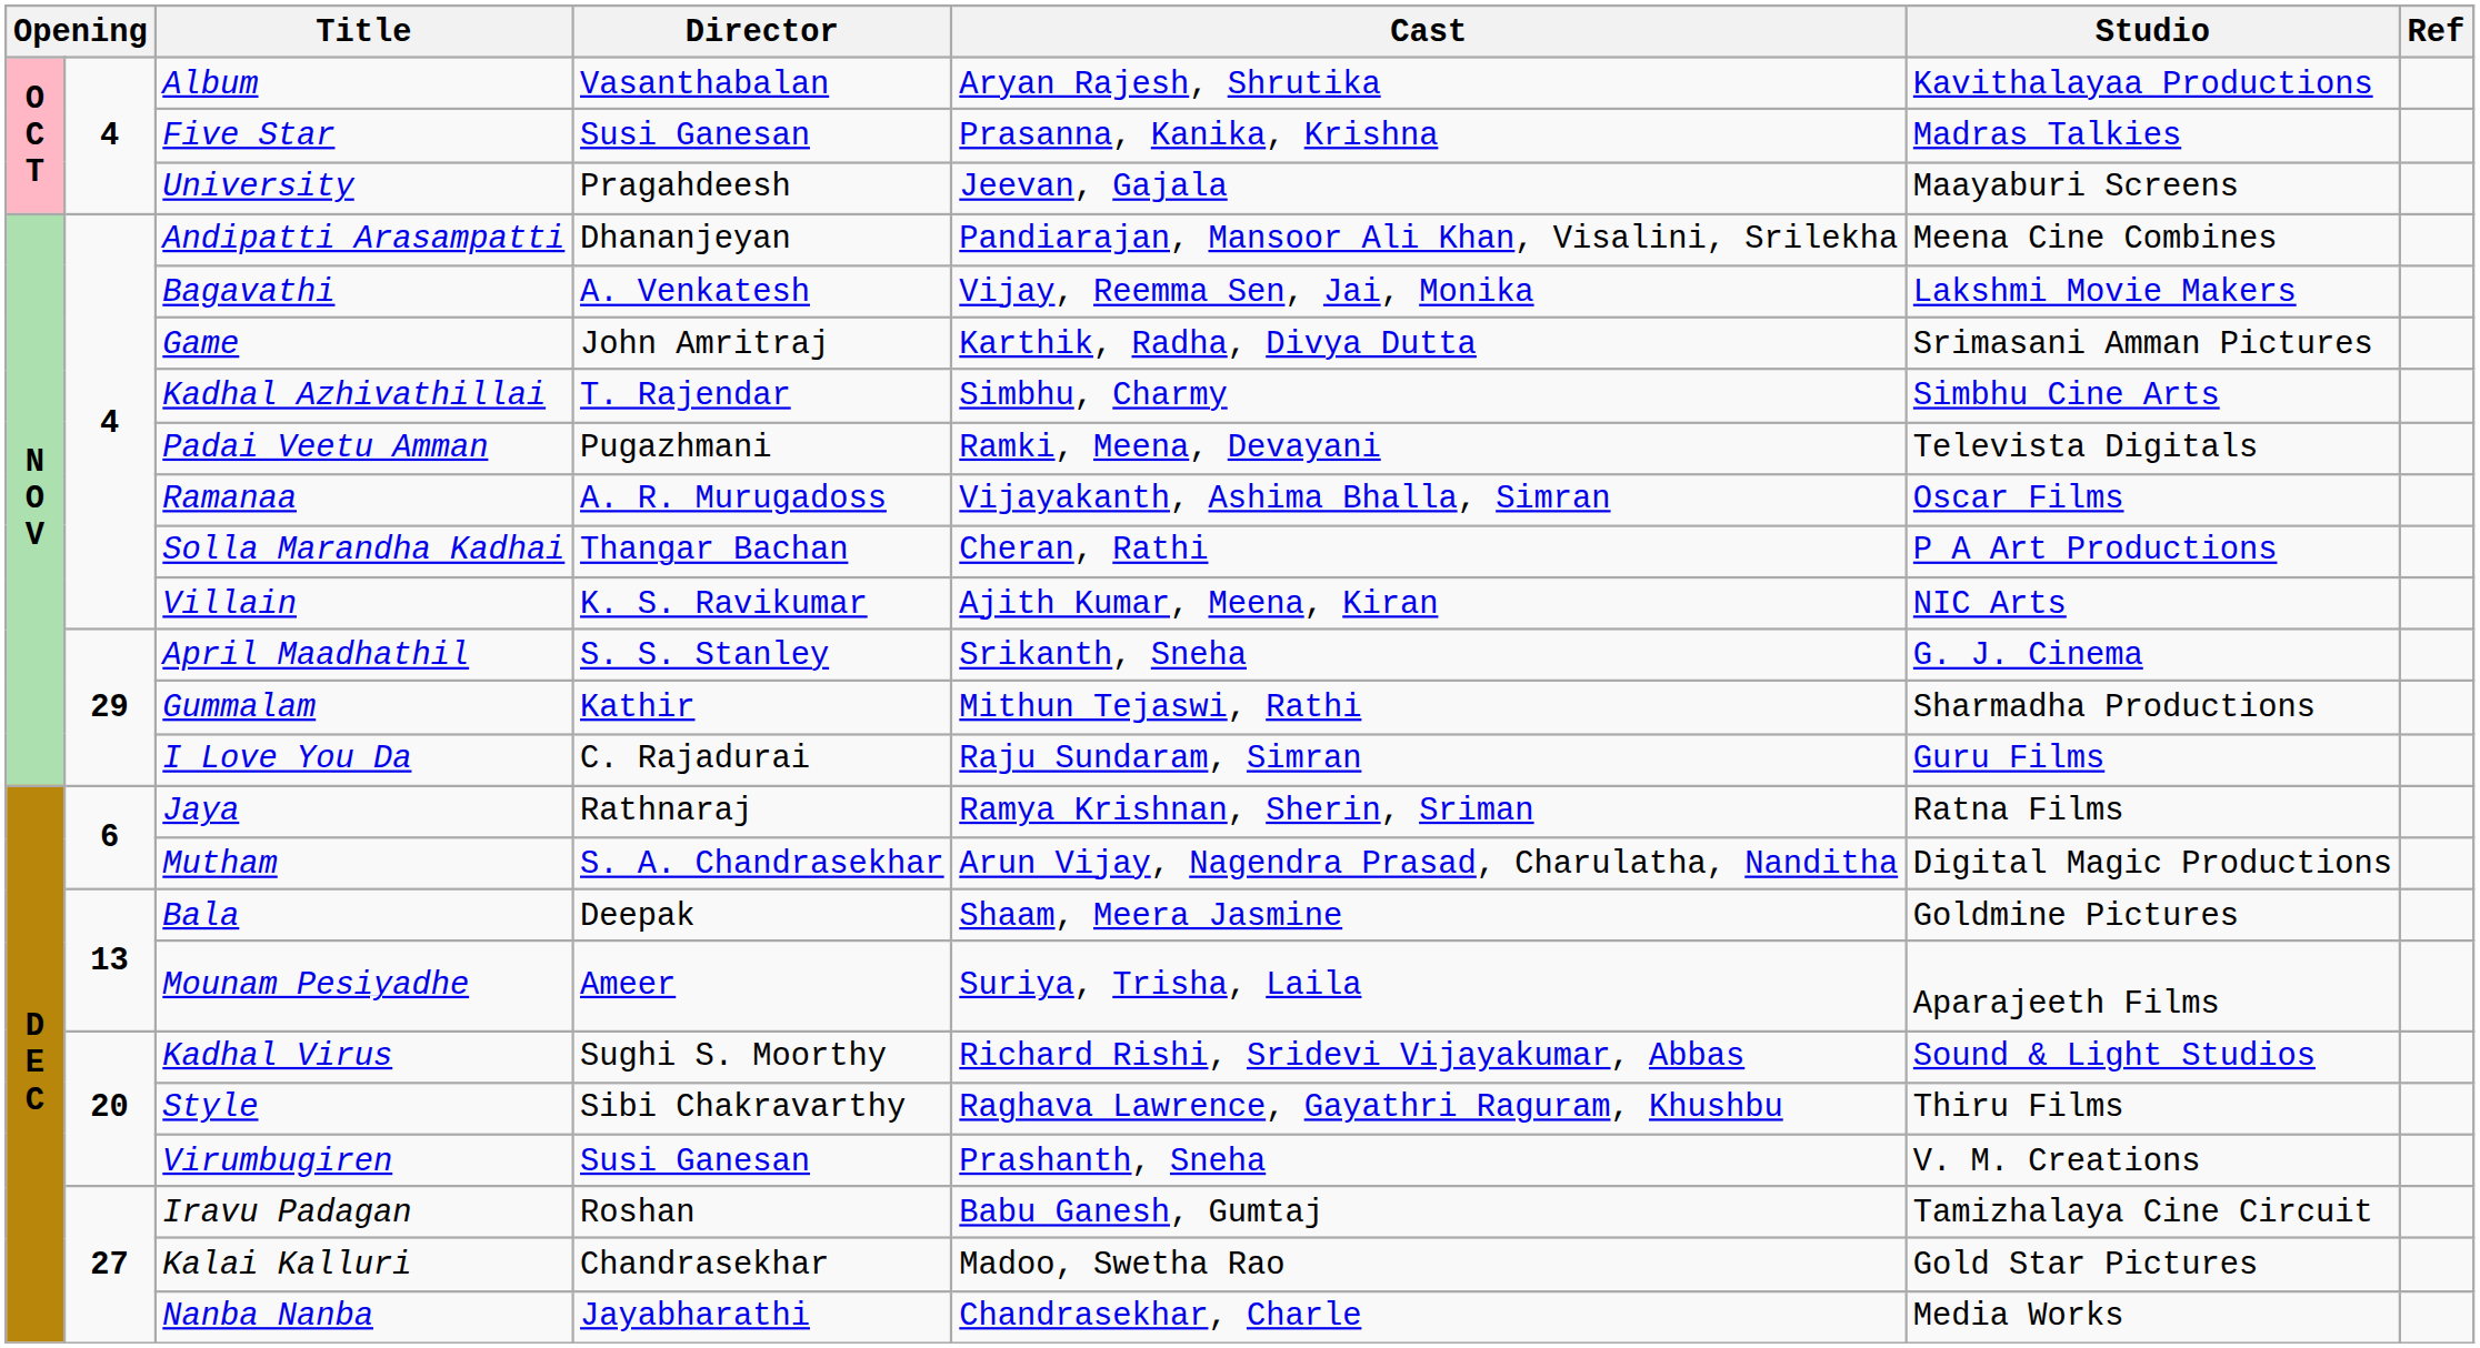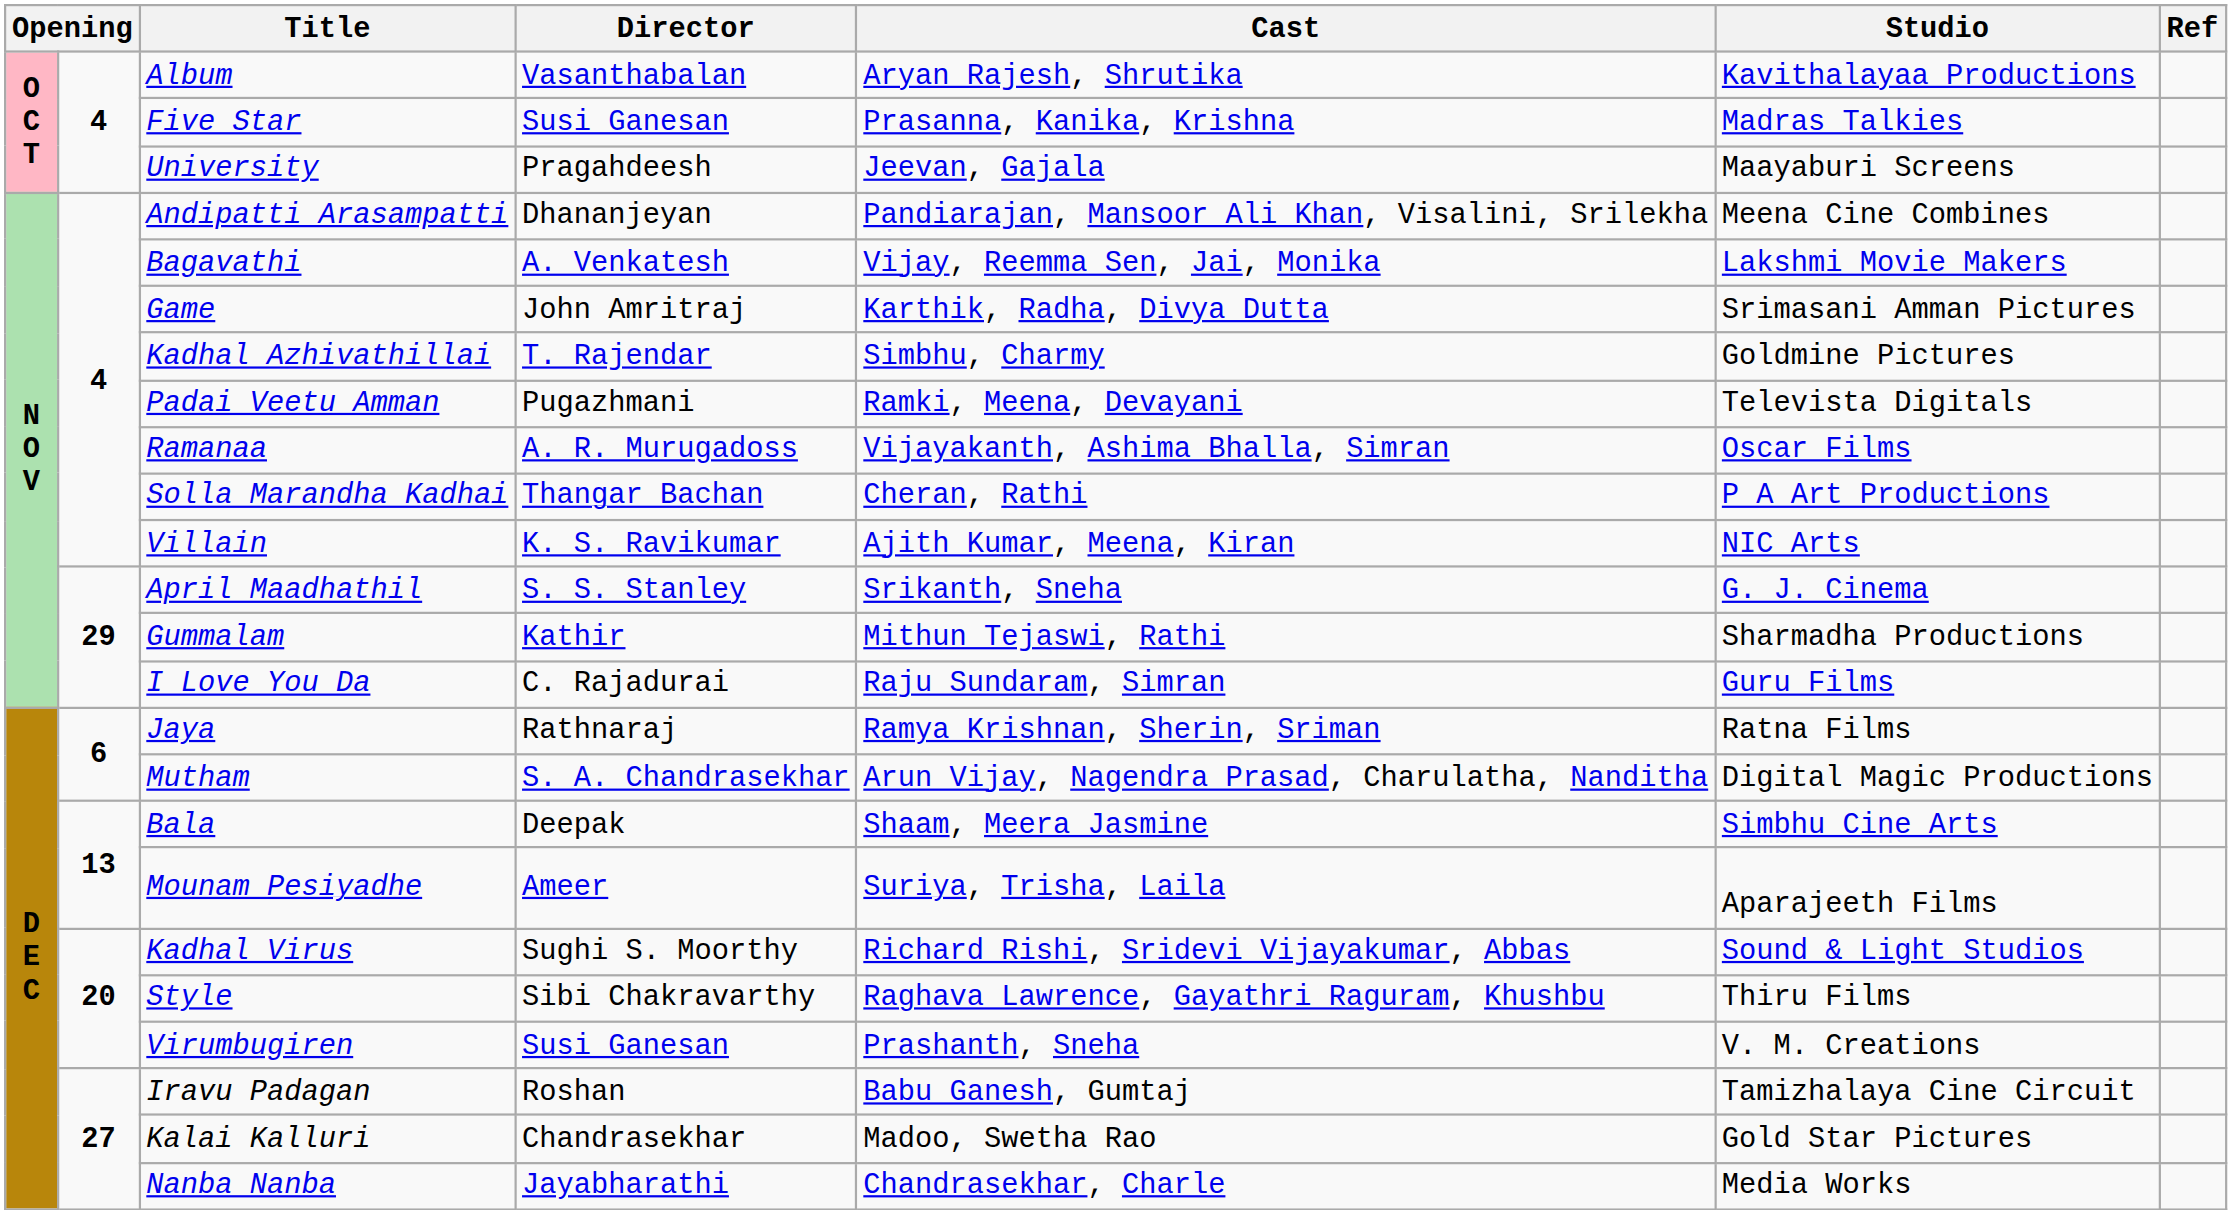 <table class="wikitable">
 <tr>
 <th colspan="2">Opening</th>
 <th>Title</th>
 <th>Director</th>
 <th>Cast</th>
 <th>Studio</th>
 <th>Ref</th>
 </tr>
 <tr October!>
 <td rowspan="3"   style="text-align:center; background:#ffb7c5; textcolor:#000;"><strong>O<br>C<br>T</strong></td>
 <td rowspan="3" style="text-align:center;"><strong>4</strong></td>
 <td><em><a href='#'>Album</a></em></td>
 <td><a href='#'>Vasanthabalan</a></td>
 <td><a href='#'>Aryan Rajesh</a>, <a href='#'>Shrutika</a></td>
 <td><a href='#'>Kavithalayaa Productions</a></td>
 <td></td>
 </tr>
 <tr>
 <td><em><a href='#'>Five Star</a></em></td>
 <td><a href='#'>Susi Ganesan</a></td>
 <td><a href='#'>Prasanna</a>, <a href='#'>Kanika</a>, <a href='#'>Krishna</a></td>
 <td><a href='#'>Madras Talkies</a></td>
 <td></td>
 </tr>
 <tr>
 <td><em><a href='#'>University</a></em></td>
 <td>Pragahdeesh</td>
 <td><a href='#'>Jeevan</a>, <a href='#'>Gajala</a></td>
 <td>Maayaburi Screens</td>
 <td></td>
 </tr>
 <tr November!>
 <td rowspan="11"   style="text-align:center; background:#ace1af; textcolor:#000;"><strong>N<br>O<br>V</strong></td>
 <td rowspan="8" style="text-align:center;"><strong>4</strong></td>
 <td><em><a href='#'>Andipatti Arasampatti</a></em></td>
 <td>Dhananjeyan</td>
 <td><a href='#'>Pandiarajan</a>, <a href='#'>Mansoor Ali Khan</a>, Visalini, Srilekha</td>
 <td>Meena Cine Combines</td>
 <td></td>
 </tr>
 <tr>
 <td><em><a href='#'>Bagavathi</a></em></td>
 <td><a href='#'>A. Venkatesh</a></td>
 <td><a href='#'>Vijay</a>, <a href='#'>Reemma Sen</a>, <a href='#'>Jai</a>, <a href='#'>Monika</a></td>
 <td><a href='#'>Lakshmi Movie Makers</a></td>
 <td></td>
 </tr>
 <tr>
 <td><em><a href='#'>Game</a></em></td>
 <td>John Amritraj</td>
 <td><a href='#'>Karthik</a>, <a href='#'>Radha</a>, <a href='#'>Divya Dutta</a></td>
 <td>Srimasani Amman Pictures</td>
 <td></td>
 </tr>
 <tr>
 <td><em><a href='#'>Kadhal Azhivathillai</a></em></td>
 <td><a href='#'>T. Rajendar</a></td>
 <td><a href='#'>Simbhu</a>, <a href='#'>Charmy</a></td>
-<td><a href='#'>Simbhu Cine Arts</a></td>
+<td>Goldmine Pictures</td>
 <td></td>
 </tr>
 <tr>
 <td><em><a href='#'>Padai Veetu Amman</a></em></td>
 <td>Pugazhmani</td>
 <td><a href='#'>Ramki</a>, <a href='#'>Meena</a>, <a href='#'>Devayani</a></td>
 <td>Televista Digitals</td>
 <td></td>
 </tr>
 <tr>
 <td><em><a href='#'>Ramanaa</a></em></td>
 <td><a href='#'>A. R. Murugadoss</a></td>
 <td><a href='#'>Vijayakanth</a>, <a href='#'>Ashima Bhalla</a>, <a href='#'>Simran</a></td>
 <td><a href='#'>Oscar Films</a></td>
 <td></td>
 </tr>
 <tr>
 <td><em><a href='#'>Solla Marandha Kadhai</a></em></td>
 <td><a href='#'>Thangar Bachan</a></td>
 <td><a href='#'>Cheran</a>, <a href='#'>Rathi</a></td>
 <td><a href='#'>P A Art Productions</a></td>
 <td></td>
 </tr>
 <tr>
 <td><em><a href='#'>Villain</a></em></td>
 <td><a href='#'>K. S. Ravikumar</a></td>
 <td><a href='#'>Ajith Kumar</a>, <a href='#'>Meena</a>, <a href='#'>Kiran</a></td>
 <td><a href='#'>NIC Arts</a></td>
 <td></td>
 </tr>
 <tr>
 <td rowspan="3" style="text-align:center;"><strong>29</strong></td>
 <td><em><a href='#'>April Maadhathil</a></em></td>
 <td><a href='#'>S. S. Stanley</a></td>
 <td><a href='#'>Srikanth</a>, <a href='#'>Sneha</a></td>
 <td><a href='#'>G. J. Cinema</a></td>
 <td></td>
 </tr>
 <tr>
 <td><em><a href='#'>Gummalam</a></em></td>
 <td><a href='#'>Kathir</a></td>
 <td><a href='#'>Mithun Tejaswi</a>, <a href='#'>Rathi</a></td>
 <td>Sharmadha Productions</td>
 <td></td>
 </tr>
 <tr>
 <td><em><a href='#'>I Love You Da</a></em></td>
 <td>C. Rajadurai</td>
 <td><a href='#'>Raju Sundaram</a>, <a href='#'>Simran</a></td>
 <td><a href='#'>Guru Films</a></td>
 <td></td>
 </tr>
 <tr December!>
 <td rowspan="10"   style="text-align:center; background:#b8860b; textcolor:#000;"><strong>D<br>E<br>C</strong></td>
 <td rowspan="2" style="text-align:center;"><strong>6</strong></td>
 <td><em><a href='#'>Jaya</a></em></td>
 <td>Rathnaraj</td>
 <td><a href='#'>Ramya Krishnan</a>, <a href='#'>Sherin</a>, <a href='#'>Sriman</a></td>
 <td>Ratna Films</td>
 <td></td>
 </tr>
 <tr>
 <td><em><a href='#'>Mutham</a></em></td>
 <td><a href='#'>S. A. Chandrasekhar</a></td>
 <td><a href='#'>Arun Vijay</a>, <a href='#'>Nagendra Prasad</a>, Charulatha, <a href='#'>Nanditha</a></td>
 <td>Digital Magic Productions</td>
 <td></td>
 </tr>
 <tr>
 <td rowspan="2" style="text-align:center;"><strong>13</strong></td>
 <td><em><a href='#'>Bala</a></em></td>
 <td>Deepak</td>
 <td><a href='#'>Shaam</a>, <a href='#'>Meera Jasmine</a></td>
-<td>Goldmine Pictures</td>
+<td><a href='#'>Simbhu Cine Arts</a></td>
 <td></td>
 </tr>
 <tr>
 <td><em><a href='#'>Mounam Pesiyadhe</a></em></td>
 <td><a href='#'>Ameer</a></td>
 <td><a href='#'>Suriya</a>, <a href='#'>Trisha</a>, <a href='#'>Laila</a></td>
 <td><br>Aparajeeth Films</td>
 <td></td>
 </tr>
 <tr>
 <td rowspan="3" style="text-align:center;"><strong>20</strong></td>
 <td><em><a href='#'>Kadhal Virus</a></em></td>
 <td>Sughi S. Moorthy</td>
 <td><a href='#'>Richard Rishi</a>, <a href='#'>Sridevi Vijayakumar</a>, <a href='#'>Abbas</a></td>
 <td><a href='#'>Sound & Light Studios</a></td>
 <td></td>
 </tr>
 <tr>
 <td><em><a href='#'>Style</a></em></td>
 <td>Sibi Chakravarthy</td>
 <td><a href='#'>Raghava Lawrence</a>, <a href='#'>Gayathri Raguram</a>, <a href='#'>Khushbu</a></td>
 <td>Thiru Films</td>
 <td></td>
 </tr>
 <tr>
 <td><em><a href='#'>Virumbugiren</a></em></td>
 <td><a href='#'>Susi Ganesan</a></td>
 <td><a href='#'>Prashanth</a>, <a href='#'>Sneha</a></td>
 <td>V. M. Creations</td>
 <td></td>
 </tr>
 <tr>
 <td rowspan="3" style="text-align:center;"><strong>27</strong></td>
 <td><em>Iravu Padagan</em></td>
 <td>Roshan</td>
 <td><a href='#'>Babu Ganesh</a>, Gumtaj</td>
 <td>Tamizhalaya Cine Circuit</td>
 <td></td>
 </tr>
 <tr>
 <td><em>Kalai Kalluri</em></td>
 <td>Chandrasekhar</td>
 <td>Madoo, Swetha Rao</td>
 <td>Gold Star Pictures</td>
 <td></td>
 </tr>
 <tr>
 <td><em><a href='#'>Nanba Nanba</a></em></td>
 <td><a href='#'>Jayabharathi</a></td>
 <td><a href='#'>Chandrasekhar</a>, <a href='#'>Charle</a></td>
 <td>Media Works</td>
 <td></td>
 </tr>
 </table>
